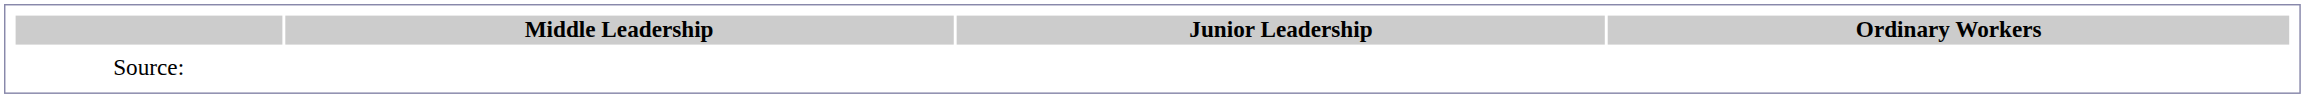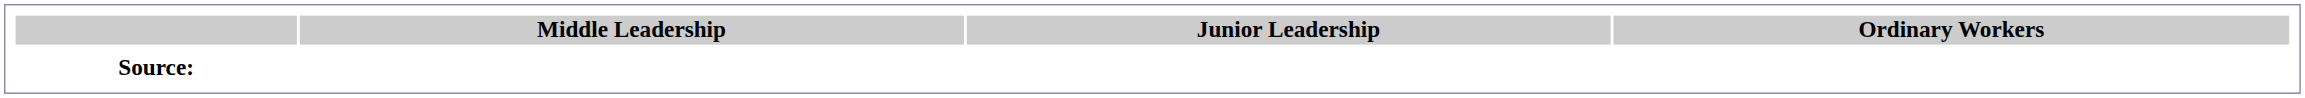 <table style="width:100%; border:1px solid #8888aa; background:#fff; padding:5px; font-size:100%; margin:0 12px 12px 0; text-align:center;">
 <tr style="background:#ccc;">
 <th></th>
 <th colspan="4">Middle Leadership</th>
 <th colspan="4">Junior Leadership</th>
 <th colspan="1">Ordinary Workers</th>
 </tr>
 <tr style="text-align:center;">
 <td></td>
 <td></td>
 <td></td>
 <td></td>
 <td></td>
 <td></td>
 <td></td>
 <td></td>
 <td></td>
 <td></td>
 </tr>
 <tr>
-<td>Source:</td>
+<td><strong>Source:</strong></td>
 </tr>
 </table>
